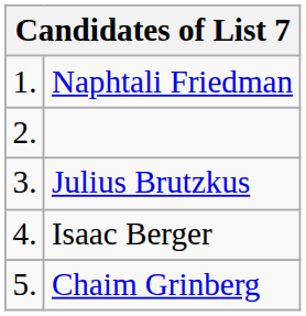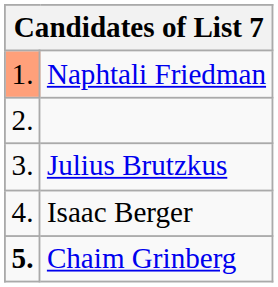 <table class=wikitable>
 <tr>
 <th colspan=3>Candidates of List 7</th>
 </tr>
 <tr>
-<td>1.</td>
+<td style="background: lightsalmon;">1.</td>
 <td><a href='#'>Naphtali Friedman</a></td>
 </tr>
 <tr>
 <td>2.</td>
 <td></td>
 </tr>
 <tr>
 <td>3.</td>
 <td><a href='#'>Julius Brutzkus</a></td>
 </tr>
 <tr>
 <td>4.</td>
 <td>Isaac Berger</td>
 </tr>
 <tr>
-<td>5.</td>
+<td><strong>5.</strong></td>
 <td><a href='#'>Chaim Grinberg</a></td>
 </tr>
 </table>
